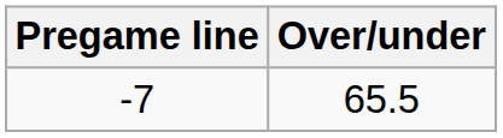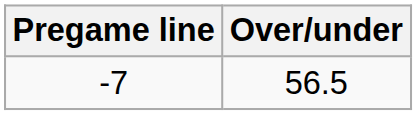 <table class="wikitable" style="margin-left: auto; margin-right: auto; border: none; display: inline-table;">
 <tr align="center">
 <th style=>Pregame line</th>
 <th style=>Over/under</th>
 </tr>
 <tr align="center">
 <td>-7</td>
-<td>65.5</td>
+<td>56.5</td>
 </tr>
 </table>
